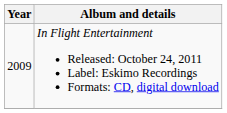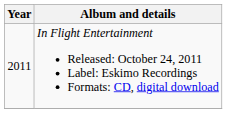 <table class="wikitable">
 <tr>
 <th align="center" width="10">Year</th>
 <th align="center">Album and details</th>
 </tr>
 <tr>
-<td align="center">2009</td>
+<td align="center">2011</td>
 <td><em>In Flight Entertainment</em><br><ul><li>Released: October 24, 2011</li><li>Label: Eskimo Recordings</li><li>Formats: <a href='#'>CD</a>, <a href='#'>digital download</a></li></ul></td>
 </tr>
 <tr>
 </tr>
 </table>
